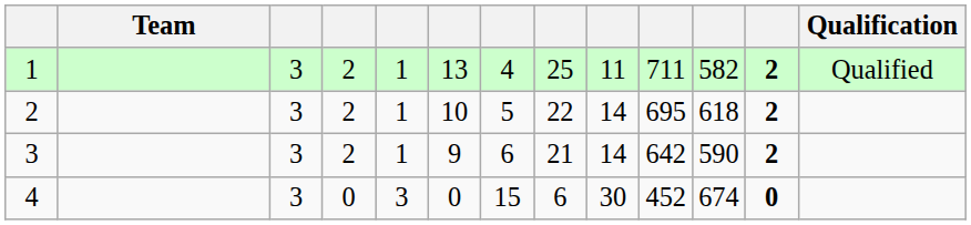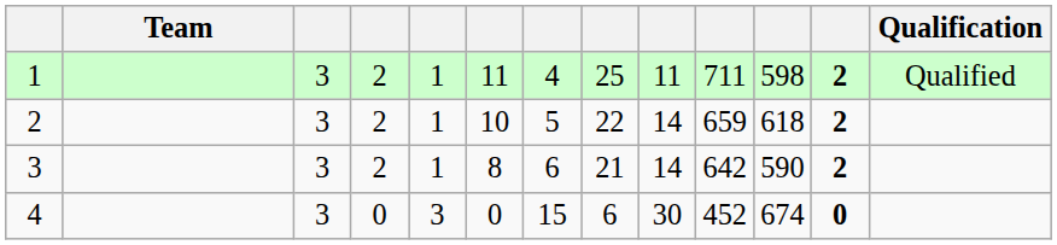 <table class="wikitable" style="text-align:center">
 <tr>
 <th width=5.5%></th>
 <th width=22%>Team</th>
 <th width=5.5%></th>
 <th width=5.5%></th>
 <th width=5.5%></th>
 <th width=5.5%></th>
 <th width=5.5%></th>
 <th width=5.5%></th>
 <th width=5.5%></th>
 <th width=5.5%></th>
 <th width=5.5%></th>
 <th width=5.5%></th>
 <th width=18%>Qualification</th>
 </tr>
 <tr bgcolor="#ccffcc">
 <td>1</td>
 <td align="left"></td>
 <td>3</td>
 <td>2</td>
 <td>1</td>
-<td>13</td>
+<td>11</td>
 <td>4</td>
 <td>25</td>
 <td>11</td>
 <td>711</td>
-<td>582</td>
+<td>598</td>
 <td><strong>2</strong></td>
 <td>Qualified</td>
 </tr>
 <tr>
 <td>2</td>
 <td align="left"></td>
 <td>3</td>
 <td>2</td>
 <td>1</td>
 <td>10</td>
 <td>5</td>
 <td>22</td>
 <td>14</td>
-<td>695</td>
+<td>659</td>
 <td>618</td>
 <td><strong>2</strong></td>
 <td></td>
 </tr>
 <tr>
 <td>3</td>
 <td align="left"></td>
 <td>3</td>
 <td>2</td>
 <td>1</td>
-<td>9</td>
+<td>8</td>
 <td>6</td>
 <td>21</td>
 <td>14</td>
 <td>642</td>
 <td>590</td>
 <td><strong>2</strong></td>
 <td></td>
 </tr>
 <tr>
 <td>4</td>
 <td align="left"></td>
 <td>3</td>
 <td>0</td>
 <td>3</td>
 <td>0</td>
 <td>15</td>
 <td>6</td>
 <td>30</td>
 <td>452</td>
 <td>674</td>
 <td><strong>0</strong></td>
 <td></td>
 </tr>
 </table>
